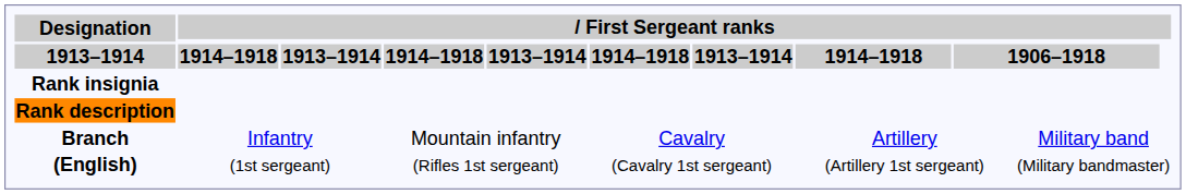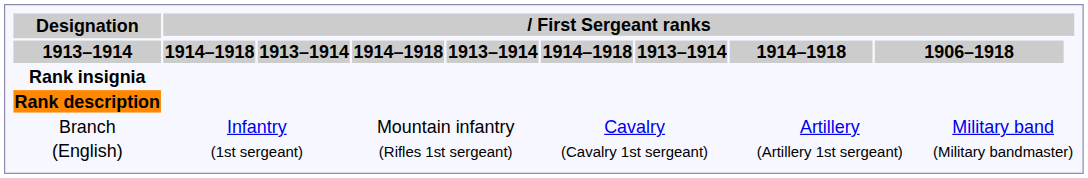 <table style="border:1px solid #8888aa; background-color:#f7f8ff; padding:5px; font-size:95%; margin: 0px 12px 12px 0px;">
 <tr bgcolor="#CCCCCC">
 <th rowspan=2>Designation</th>
 <th colspan=10><strong> / First Sergeant ranks</strong></th>
 </tr>
 <tr align="center">
 </tr>
 <tr bgcolor="#CCCCCC">
 <th>1913–1914</th>
 <th>1914–1918</th>
 <th>1913–1914</th>
 <th>1914–1918</th>
 <th>1913–1914</th>
 <th>1914–1918</th>
 <th>1913–1914</th>
 <th>1914–1918</th>
 <th colspan=2>1906–1918</th>
 </tr>
 <tr align="center">
 <th rowspan=1>Rank insignia</th>
 <th colspan=1></th>
 <th colspan=1></th>
 <th colspan=1></th>
 <th colspan=1></th>
 <th colspan=1></th>
 <th colspan=1></th>
 <th colspan=1></th>
 <th rowspan=1></th>
 <th rowspan=1></th>
 <th rowspan=1></th>
 </tr>
 <tr align="center">
 <th style="background:#ff8800; color:black;">Rank description</th>
 <td colspan=2></td>
 <td colspan=2></td>
 <td colspan=2></td>
 <td colspan=2></td>
 <td colspan=3></td>
 </tr>
 <tr align="center">
-<td><strong>Branch</strong></td>
+<td>Branch</td>
 <td colspan=2><a href='#'>Infantry</a></td>
 <td colspan=2>Mountain infantry</td>
 <td colspan=2><a href='#'>Cavalry</a></td>
 <td colspan=2><a href='#'>Artillery</a></td>
 <td colspan=2><a href='#'>Military band</a></td>
 </tr>
 <tr align="center">
-<td><strong>(English)</strong></td>
+<td>(English)</td>
 <td colspan=2><small>(1st sergeant)</small></td>
 <td colspan=2><small>(Rifles 1st sergeant)</small></td>
 <td colspan=2><small>(Cavalry 1st sergeant)</small></td>
 <td colspan=2><small>(Artillery 1st sergeant)</small></td>
 <td colspan=2><small>(Military bandmaster)</small></td>
 </tr>
 <tr align="center">
 </tr>
 </table>
